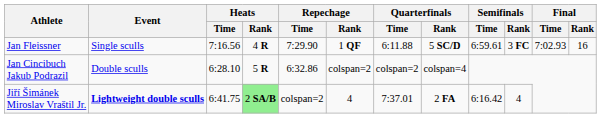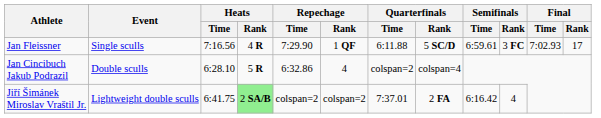 <table class="wikitable" style="font-size:90%">
 <tr>
 <th rowspan="2">Athlete</th>
 <th rowspan="2">Event</th>
 <th colspan="2">Heats</th>
 <th colspan="2">Repechage</th>
 <th colspan="2">Quarterfinals</th>
 <th colspan="2">Semifinals</th>
 <th colspan="2">Final</th>
 </tr>
 <tr style="font-size:95%">
 <th>Time</th>
 <th>Rank</th>
 <th>Time</th>
 <th>Rank</th>
 <th>Time</th>
 <th>Rank</th>
 <th>Time</th>
 <th>Rank</th>
 <th>Time</th>
 <th>Rank</th>
 </tr>
 <tr align=center>
 <td align=left><a href='#'>Jan Fleissner</a></td>
 <td align=left><a href='#'>Single sculls</a></td>
 <td>7:16.56</td>
 <td>4 <strong>R</strong></td>
 <td>7:29.90</td>
 <td>1 <strong>QF</strong></td>
 <td>6:11.88</td>
 <td>5 <strong>SC/D</strong></td>
 <td>6:59.61</td>
 <td>3 <strong>FC</strong></td>
 <td>7:02.93</td>
-<td>16</td>
+<td>17</td>
 </tr>
 <tr align=center>
 <td align=left><a href='#'>Jan Cincibuch</a><br><a href='#'>Jakub Podrazil</a></td>
 <td align=left><a href='#'>Double sculls</a></td>
 <td>6:28.10</td>
 <td>5 <strong>R</strong></td>
 <td>6:32.86</td>
-<td>colspan=2 </td>
+<td>4</td>
 <td>colspan=2 </td>
 <td>colspan=4 </td>
 </tr>
 <tr align=center>
 <td align=left><a href='#'>Jiří Šimánek</a><br><a href='#'>Miroslav Vraštil Jr.</a></td>
-<td align=left><strong><a href='#'>Lightweight double sculls</a></strong></td>
+<td align=left><a href='#'>Lightweight double sculls</a></td>
 <td>6:41.75</td>
 <td style="background: lightgreen;">2 <strong>SA/B</strong></td>
 <td>colspan=2 </td>
-<td>4</td>
+<td>colspan=2 </td>
 <td>7:37.01</td>
 <td>2 <strong>FA</strong></td>
 <td>6:16.42</td>
 <td>4</td>
 </tr>
 </table>
